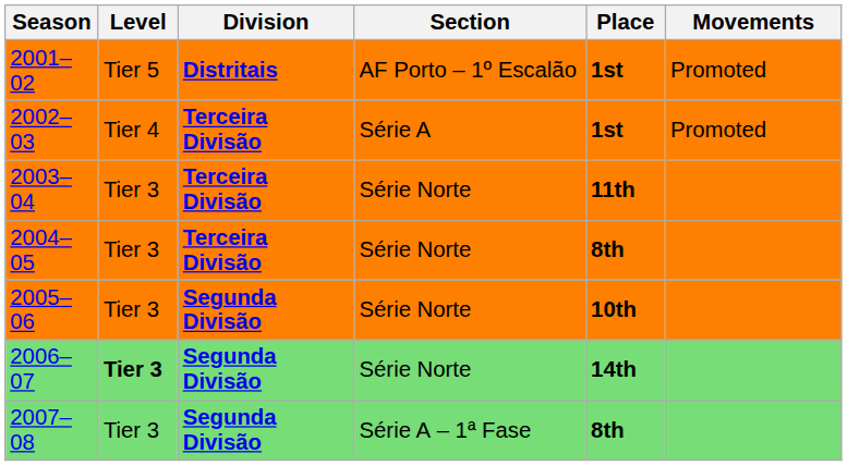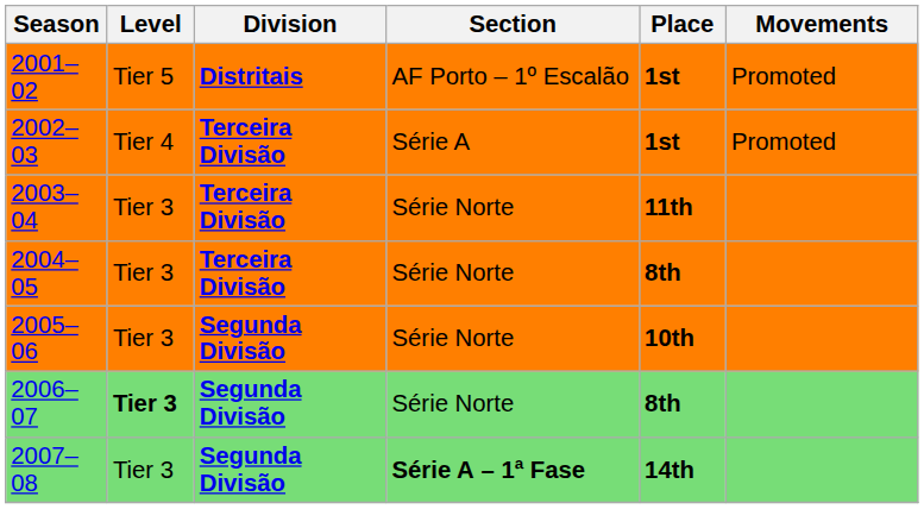 <table class="wikitable" style="text-align: left;">
 <tr>
 <th style="width: 60px;"><strong>Season</strong></th>
 <th style="width: 50px;"><strong>Level</strong></th>
 <th style="width: 120px;"><strong>Division</strong></th>
 <th style="width: 160px;"><strong>Section</strong></th>
 <th style="width: 50px;"><strong>Place</strong></th>
 <th style="width: 120px;"><strong>Movements</strong></th>
 </tr>
 <tr>
 <td style="background:#FF7F00;"><a href='#'>2001–02</a></td>
 <td style="background:#FF7F00;">Tier 5</td>
 <td style="background:#FF7F00;"><strong><a href='#'>Distritais</a></strong></td>
 <td style="background:#FF7F00;">AF Porto – 1º Escalão</td>
 <td style="background:#FF7F00;"><strong>1st</strong></td>
 <td style="background:#FF7F00;">Promoted</td>
 </tr>
 <tr>
 <td style="background:#FF7F00;"><a href='#'>2002–03</a></td>
 <td style="background:#FF7F00;">Tier 4</td>
 <td style="background:#FF7F00;"><strong><a href='#'>Terceira Divisão</a></strong></td>
 <td style="background:#FF7F00;">Série A</td>
 <td style="background:#FF7F00;"><strong>1st</strong></td>
 <td style="background:#FF7F00;">Promoted</td>
 </tr>
 <tr>
 <td style="background:#FF7F00;"><a href='#'>2003–04</a></td>
 <td style="background:#FF7F00;">Tier 3</td>
 <td style="background:#FF7F00;"><strong><a href='#'>Terceira Divisão</a></strong></td>
 <td style="background:#FF7F00;">Série Norte</td>
 <td style="background:#FF7F00;"><strong>11th</strong></td>
 <td style="background:#FF7F00;"></td>
 </tr>
 <tr>
 <td style="background:#FF7F00;"><a href='#'>2004–05</a></td>
 <td style="background:#FF7F00;">Tier 3</td>
 <td style="background:#FF7F00;"><strong><a href='#'>Terceira Divisão</a></strong></td>
 <td style="background:#FF7F00;">Série Norte</td>
 <td style="background:#FF7F00;"><strong>8th</strong></td>
 <td style="background:#FF7F00;"></td>
 </tr>
 <tr>
 <td style="background:#FF7F00;"><a href='#'>2005–06</a></td>
 <td style="background:#FF7F00;">Tier 3</td>
 <td style="background:#FF7F00;"><strong><a href='#'>Segunda Divisão</a></strong></td>
 <td style="background:#FF7F00;">Série Norte</td>
 <td style="background:#FF7F00;"><strong>10th</strong></td>
 <td style="background:#FF7F00;"></td>
 </tr>
 <tr>
 <td style="background:#77DD77;"><a href='#'>2006–07</a></td>
 <td style="background:#77DD77;"><strong>Tier 3</strong></td>
 <td style="background:#77DD77;"><strong><a href='#'>Segunda Divisão</a></strong></td>
 <td style="background:#77DD77;">Série Norte</td>
-<td style="background:#77DD77;"><strong>14th</strong></td>
+<td style="background:#77DD77;"><strong>8th</strong></td>
 <td style="background:#77DD77;"></td>
 </tr>
 <tr>
 <td style="background:#77DD77;"><a href='#'>2007–08</a></td>
 <td style="background:#77DD77;">Tier 3</td>
 <td style="background:#77DD77;"><strong><a href='#'>Segunda Divisão</a></strong></td>
-<td style="background:#77DD77;">Série A – 1ª Fase</td>
-<td style="background:#77DD77;"><strong>8th</strong></td>
+<td style="background:#77DD77;"><strong>Série A – 1ª Fase</strong></td>
+<td style="background:#77DD77;"><strong>14th</strong></td>
 <td style="background:#77DD77;"></td>
 </tr>
 <tr>
 </tr>
 </table>
